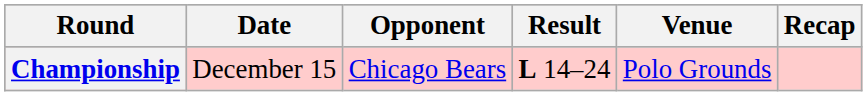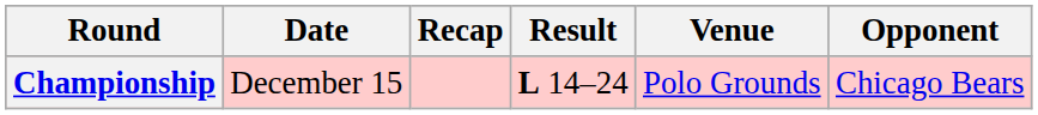 <table class="wikitable" style="text-align:center">
 <tr>
 <th>Round</th>
 <th>Date</th>
-<th>Opponent</th>
+<th>Recap</th>
 <th>Result</th>
 <th>Venue</th>
-<th>Recap</th>
+<th>Opponent</th>
 </tr>
 <tr style="background:#fcc">
 <th><a href='#'>Championship</a></th>
 <td>December 15</td>
-<td><a href='#'>Chicago Bears</a></td>
+<td></td>
 <td><strong>L</strong> 14–24</td>
 <td><a href='#'>Polo Grounds</a></td>
-<td></td>
+<td><a href='#'>Chicago Bears</a></td>
 </tr>
 </table>
